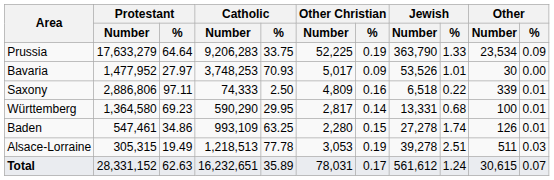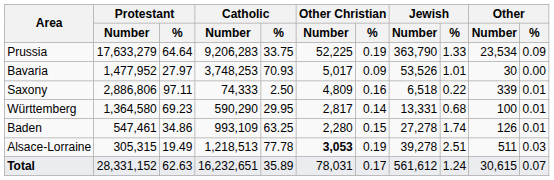 <table class="wikitable sortable" style="text-align:right">
 <tr>
 <th rowspan="2">Area</th>
 <th colspan="2">Protestant</th>
 <th colspan="2">Catholic</th>
 <th colspan="2">Other Christian</th>
 <th colspan="2">Jewish</th>
 <th colspan="2">Other</th>
 </tr>
 <tr>
 <th>Number</th>
 <th>%</th>
 <th>Number</th>
 <th>%</th>
 <th>Number</th>
 <th>%</th>
 <th>Number</th>
 <th>%</th>
 <th>Number</th>
 <th>%</th>
 </tr>
 <tr>
 <td style="text-align:left">Prussia</td>
 <td>17,633,279</td>
 <td>64.64</td>
 <td>9,206,283</td>
 <td>33.75</td>
 <td>52,225</td>
 <td>0.19</td>
 <td>363,790</td>
 <td>1.33</td>
 <td>23,534</td>
 <td>0.09</td>
 </tr>
 <tr>
 <td style="text-align:left">Bavaria</td>
 <td>1,477,952</td>
 <td>27.97</td>
 <td>3,748,253</td>
 <td>70.93</td>
 <td>5,017</td>
 <td>0.09</td>
 <td>53,526</td>
 <td>1.01</td>
 <td>30</td>
 <td>0.00</td>
 </tr>
 <tr>
 <td style="text-align:left">Saxony</td>
 <td>2,886,806</td>
 <td>97.11</td>
 <td>74,333</td>
 <td>2.50</td>
 <td>4,809</td>
 <td>0.16</td>
 <td>6,518</td>
 <td>0.22</td>
 <td>339</td>
 <td>0.01</td>
 </tr>
 <tr>
 <td style="text-align:left">Württemberg</td>
 <td>1,364,580</td>
 <td>69.23</td>
 <td>590,290</td>
 <td>29.95</td>
 <td>2,817</td>
 <td>0.14</td>
 <td>13,331</td>
 <td>0.68</td>
 <td>100</td>
 <td>0.01</td>
 </tr>
 <tr>
 <td style="text-align:left">Baden</td>
 <td>547,461</td>
 <td>34.86</td>
 <td>993,109</td>
 <td>63.25</td>
 <td>2,280</td>
 <td>0.15</td>
 <td>27,278</td>
 <td>1.74</td>
 <td>126</td>
 <td>0.01</td>
 </tr>
 <tr>
 <td style="text-align:left">Alsace-Lorraine</td>
 <td>305,315</td>
 <td>19.49</td>
 <td>1,218,513</td>
 <td>77.78</td>
-<td>3,053</td>
+<td><strong>3,053</strong></td>
 <td>0.19</td>
 <td>39,278</td>
 <td>2.51</td>
 <td>511</td>
 <td>0.03</td>
 </tr>
 <tr style="background:#EAECF0"  class="sortbottom">
 <td style="text-align:left"><strong>Total</strong></td>
 <td>28,331,152</td>
 <td>62.63</td>
 <td>16,232,651</td>
 <td>35.89</td>
 <td>78,031</td>
 <td>0.17</td>
 <td>561,612</td>
 <td>1.24</td>
 <td>30,615</td>
 <td>0.07</td>
 </tr>
 </table>
